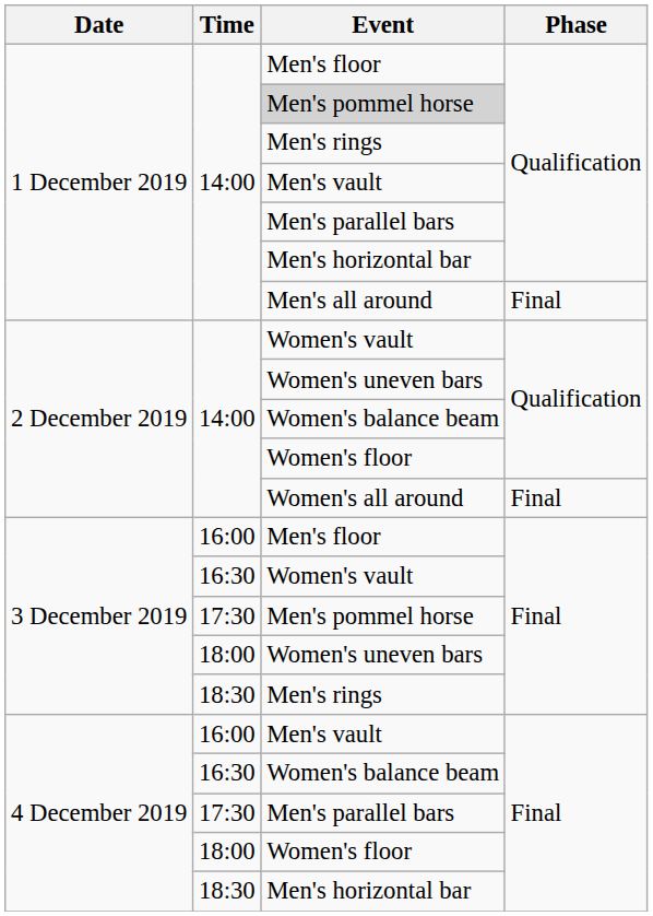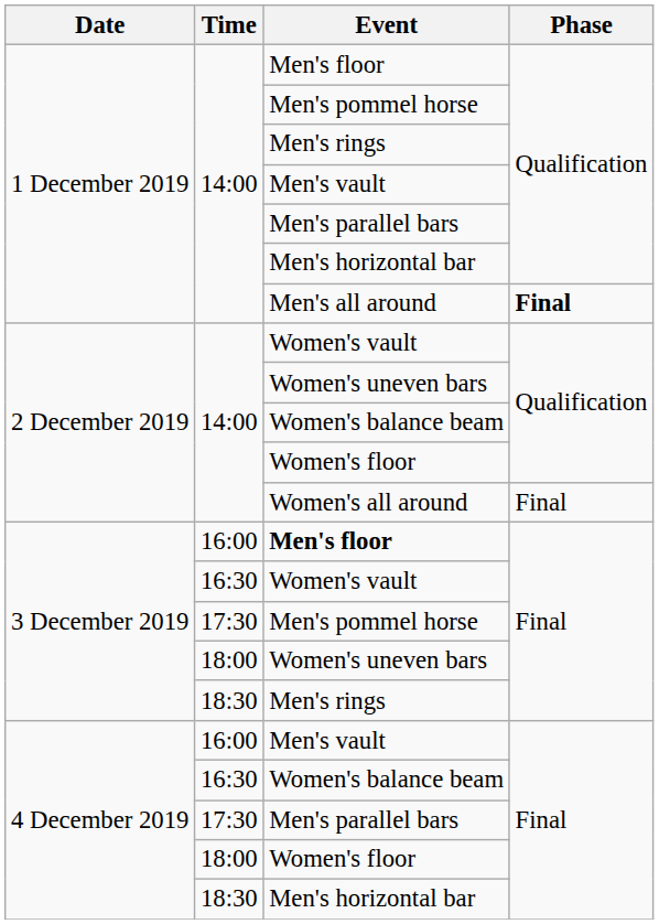 <table class="wikitable" style="text-align:left;">
 <tr>
 <th>Date</th>
 <th>Time</th>
 <th>Event</th>
 <th>Phase</th>
 </tr>
 <tr>
 <td rowspan=7>1 December 2019</td>
 <td rowspan=7>14:00</td>
 <td>Men's floor</td>
 <td rowspan=6>Qualification</td>
 </tr>
 <tr>
-<td style="background: lightgrey;">Men's pommel horse</td>
+<td>Men's pommel horse</td>
 </tr>
 <tr>
 <td>Men's rings</td>
 </tr>
 <tr>
 <td>Men's vault</td>
 </tr>
 <tr>
 <td>Men's parallel bars</td>
 </tr>
 <tr>
 <td>Men's horizontal bar</td>
 </tr>
 <tr>
 <td>Men's all around</td>
-<td>Final</td>
+<td><strong>Final</strong></td>
 </tr>
 <tr>
 <td rowspan=5>2 December 2019</td>
 <td rowspan=5>14:00</td>
 <td>Women's vault</td>
 <td rowspan=4>Qualification</td>
 </tr>
 <tr>
 <td>Women's uneven bars</td>
 </tr>
 <tr>
 <td>Women's balance beam</td>
 </tr>
 <tr>
 <td>Women's floor</td>
 </tr>
 <tr>
 <td>Women's all around</td>
 <td>Final</td>
 </tr>
 <tr>
 <td rowspan=5>3 December 2019</td>
 <td>16:00</td>
-<td>Men's floor</td>
+<td><strong>Men's floor</strong></td>
 <td rowspan=5>Final</td>
 </tr>
 <tr>
 <td>16:30</td>
 <td>Women's vault</td>
 </tr>
 <tr>
 <td>17:30</td>
 <td>Men's pommel horse</td>
 </tr>
 <tr>
 <td>18:00</td>
 <td>Women's uneven bars</td>
 </tr>
 <tr>
 <td>18:30</td>
 <td>Men's rings</td>
 </tr>
 <tr>
 <td rowspan=5>4 December 2019</td>
 <td>16:00</td>
 <td>Men's vault</td>
 <td rowspan=5>Final</td>
 </tr>
 <tr>
 <td>16:30</td>
 <td>Women's balance beam</td>
 </tr>
 <tr>
 <td>17:30</td>
 <td>Men's parallel bars</td>
 </tr>
 <tr>
 <td>18:00</td>
 <td>Women's floor</td>
 </tr>
 <tr>
 <td>18:30</td>
 <td>Men's horizontal bar</td>
 </tr>
 </table>
